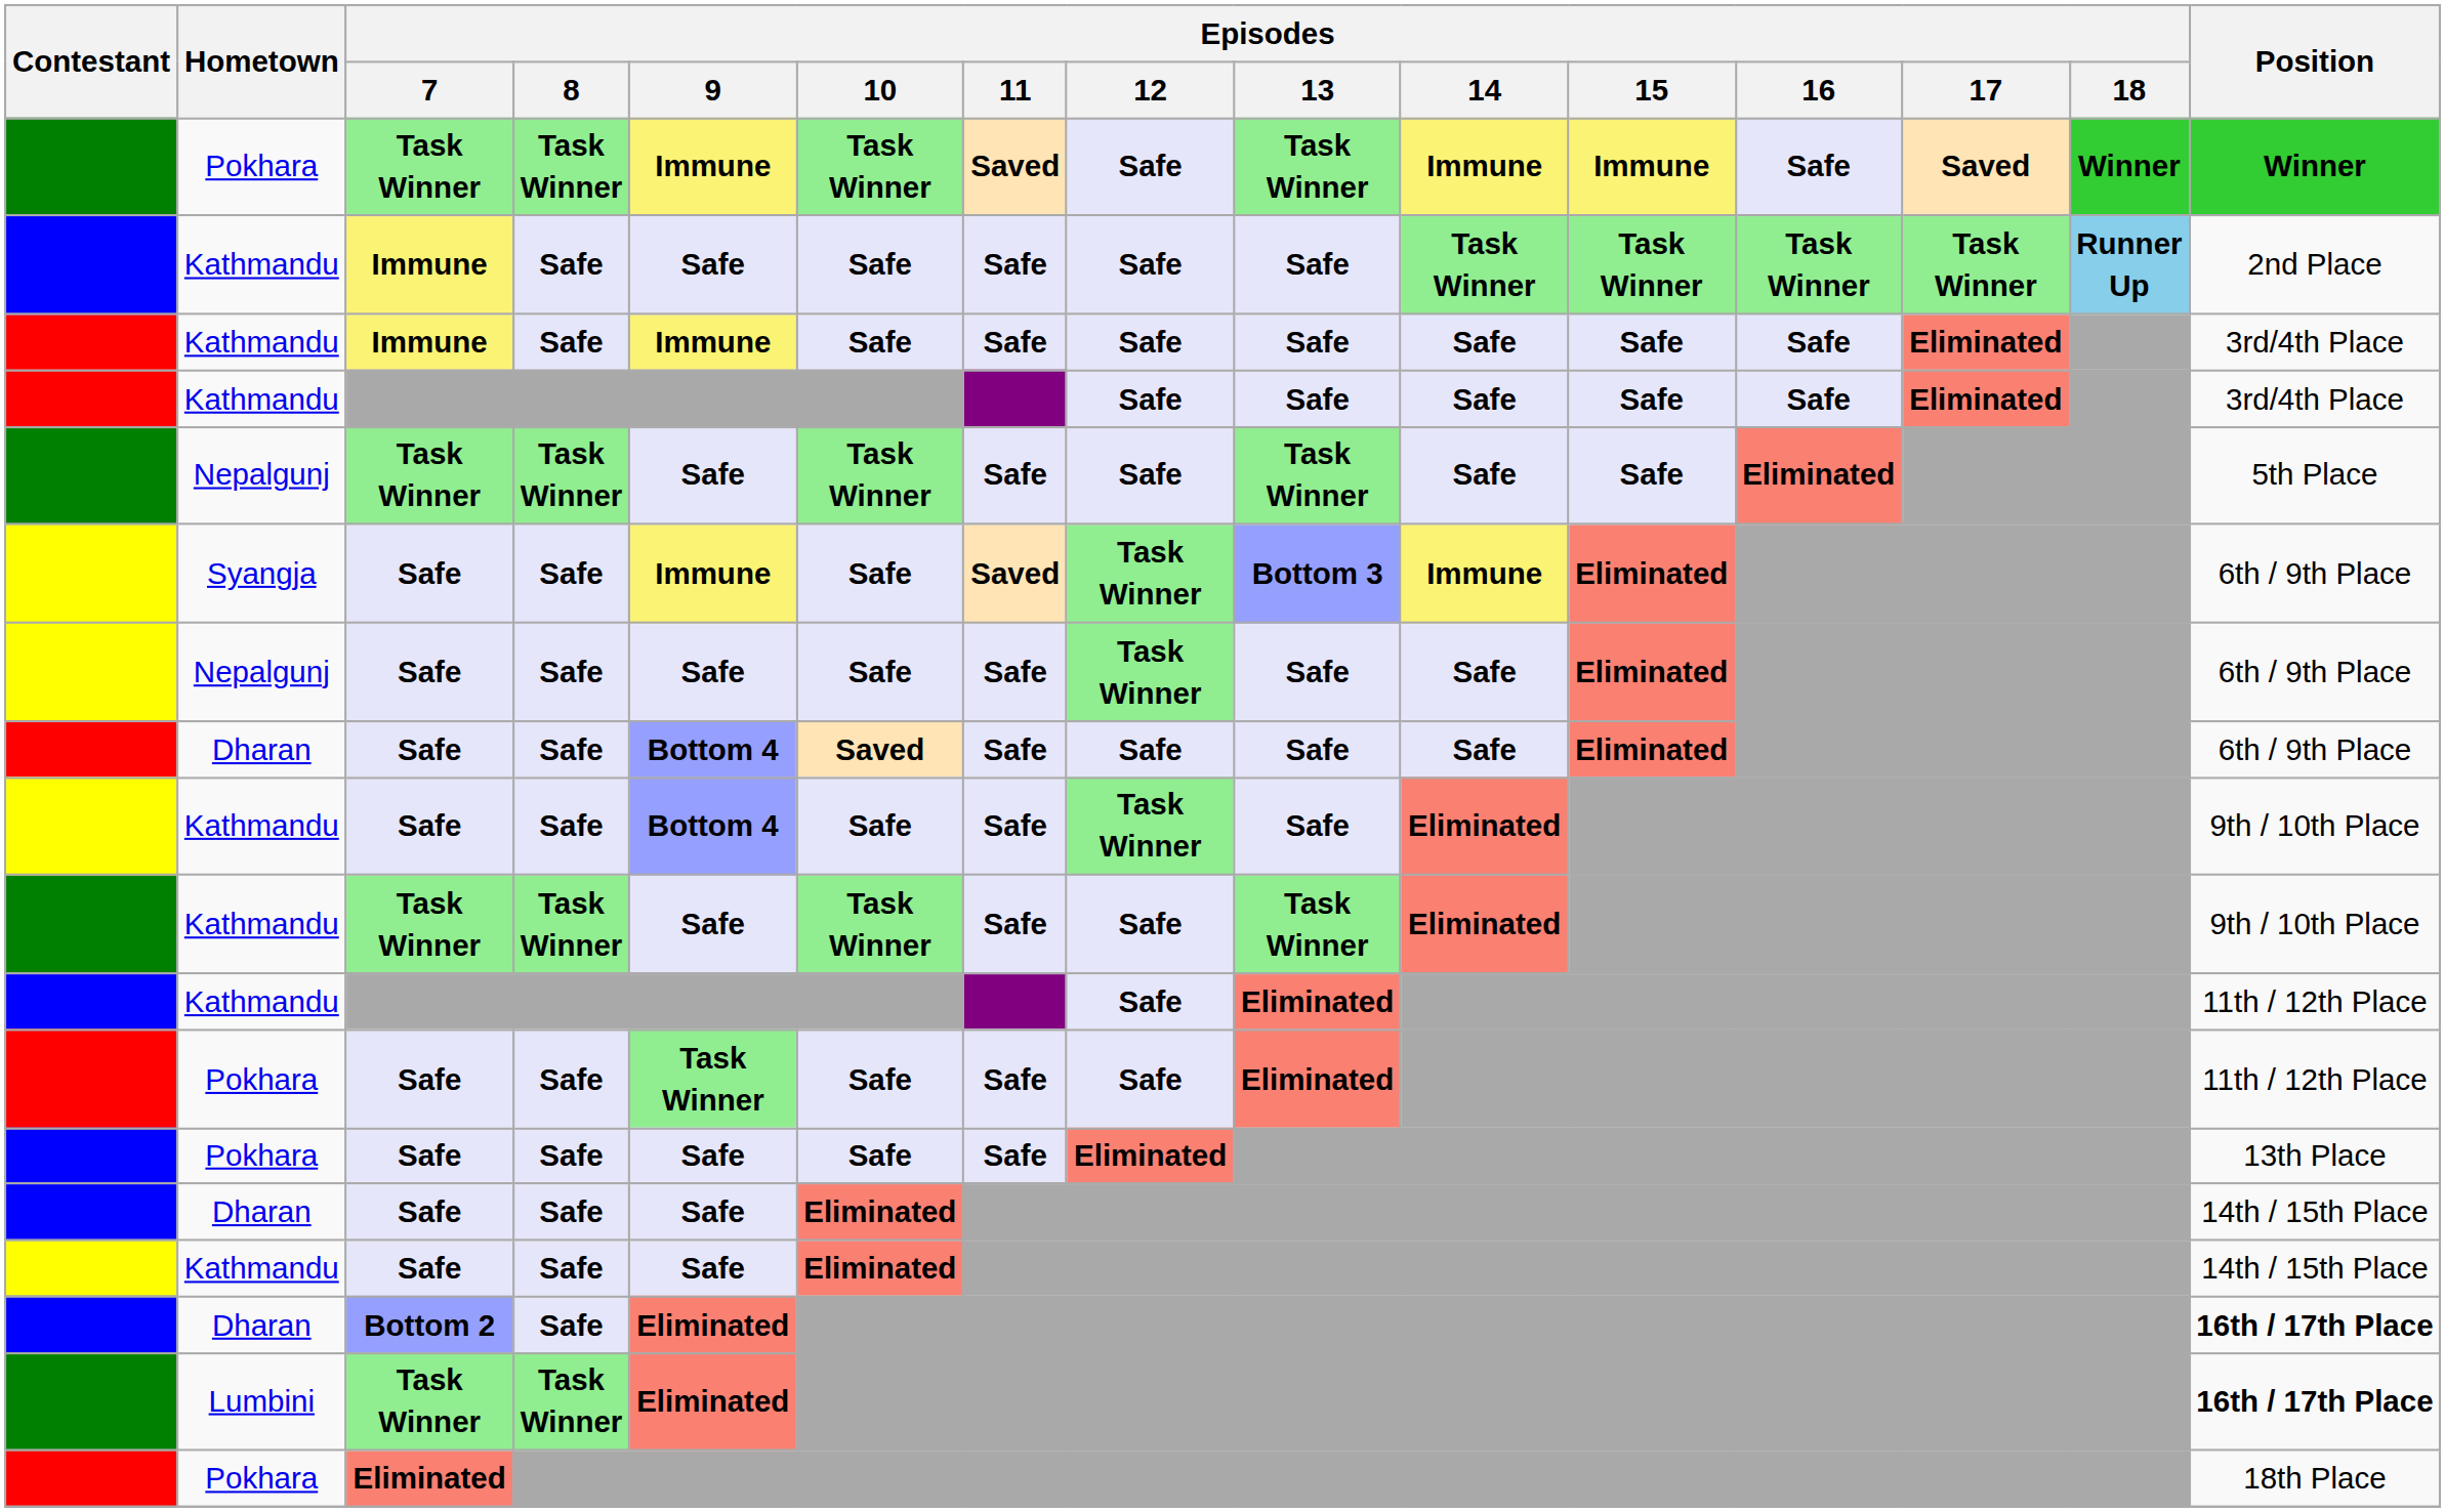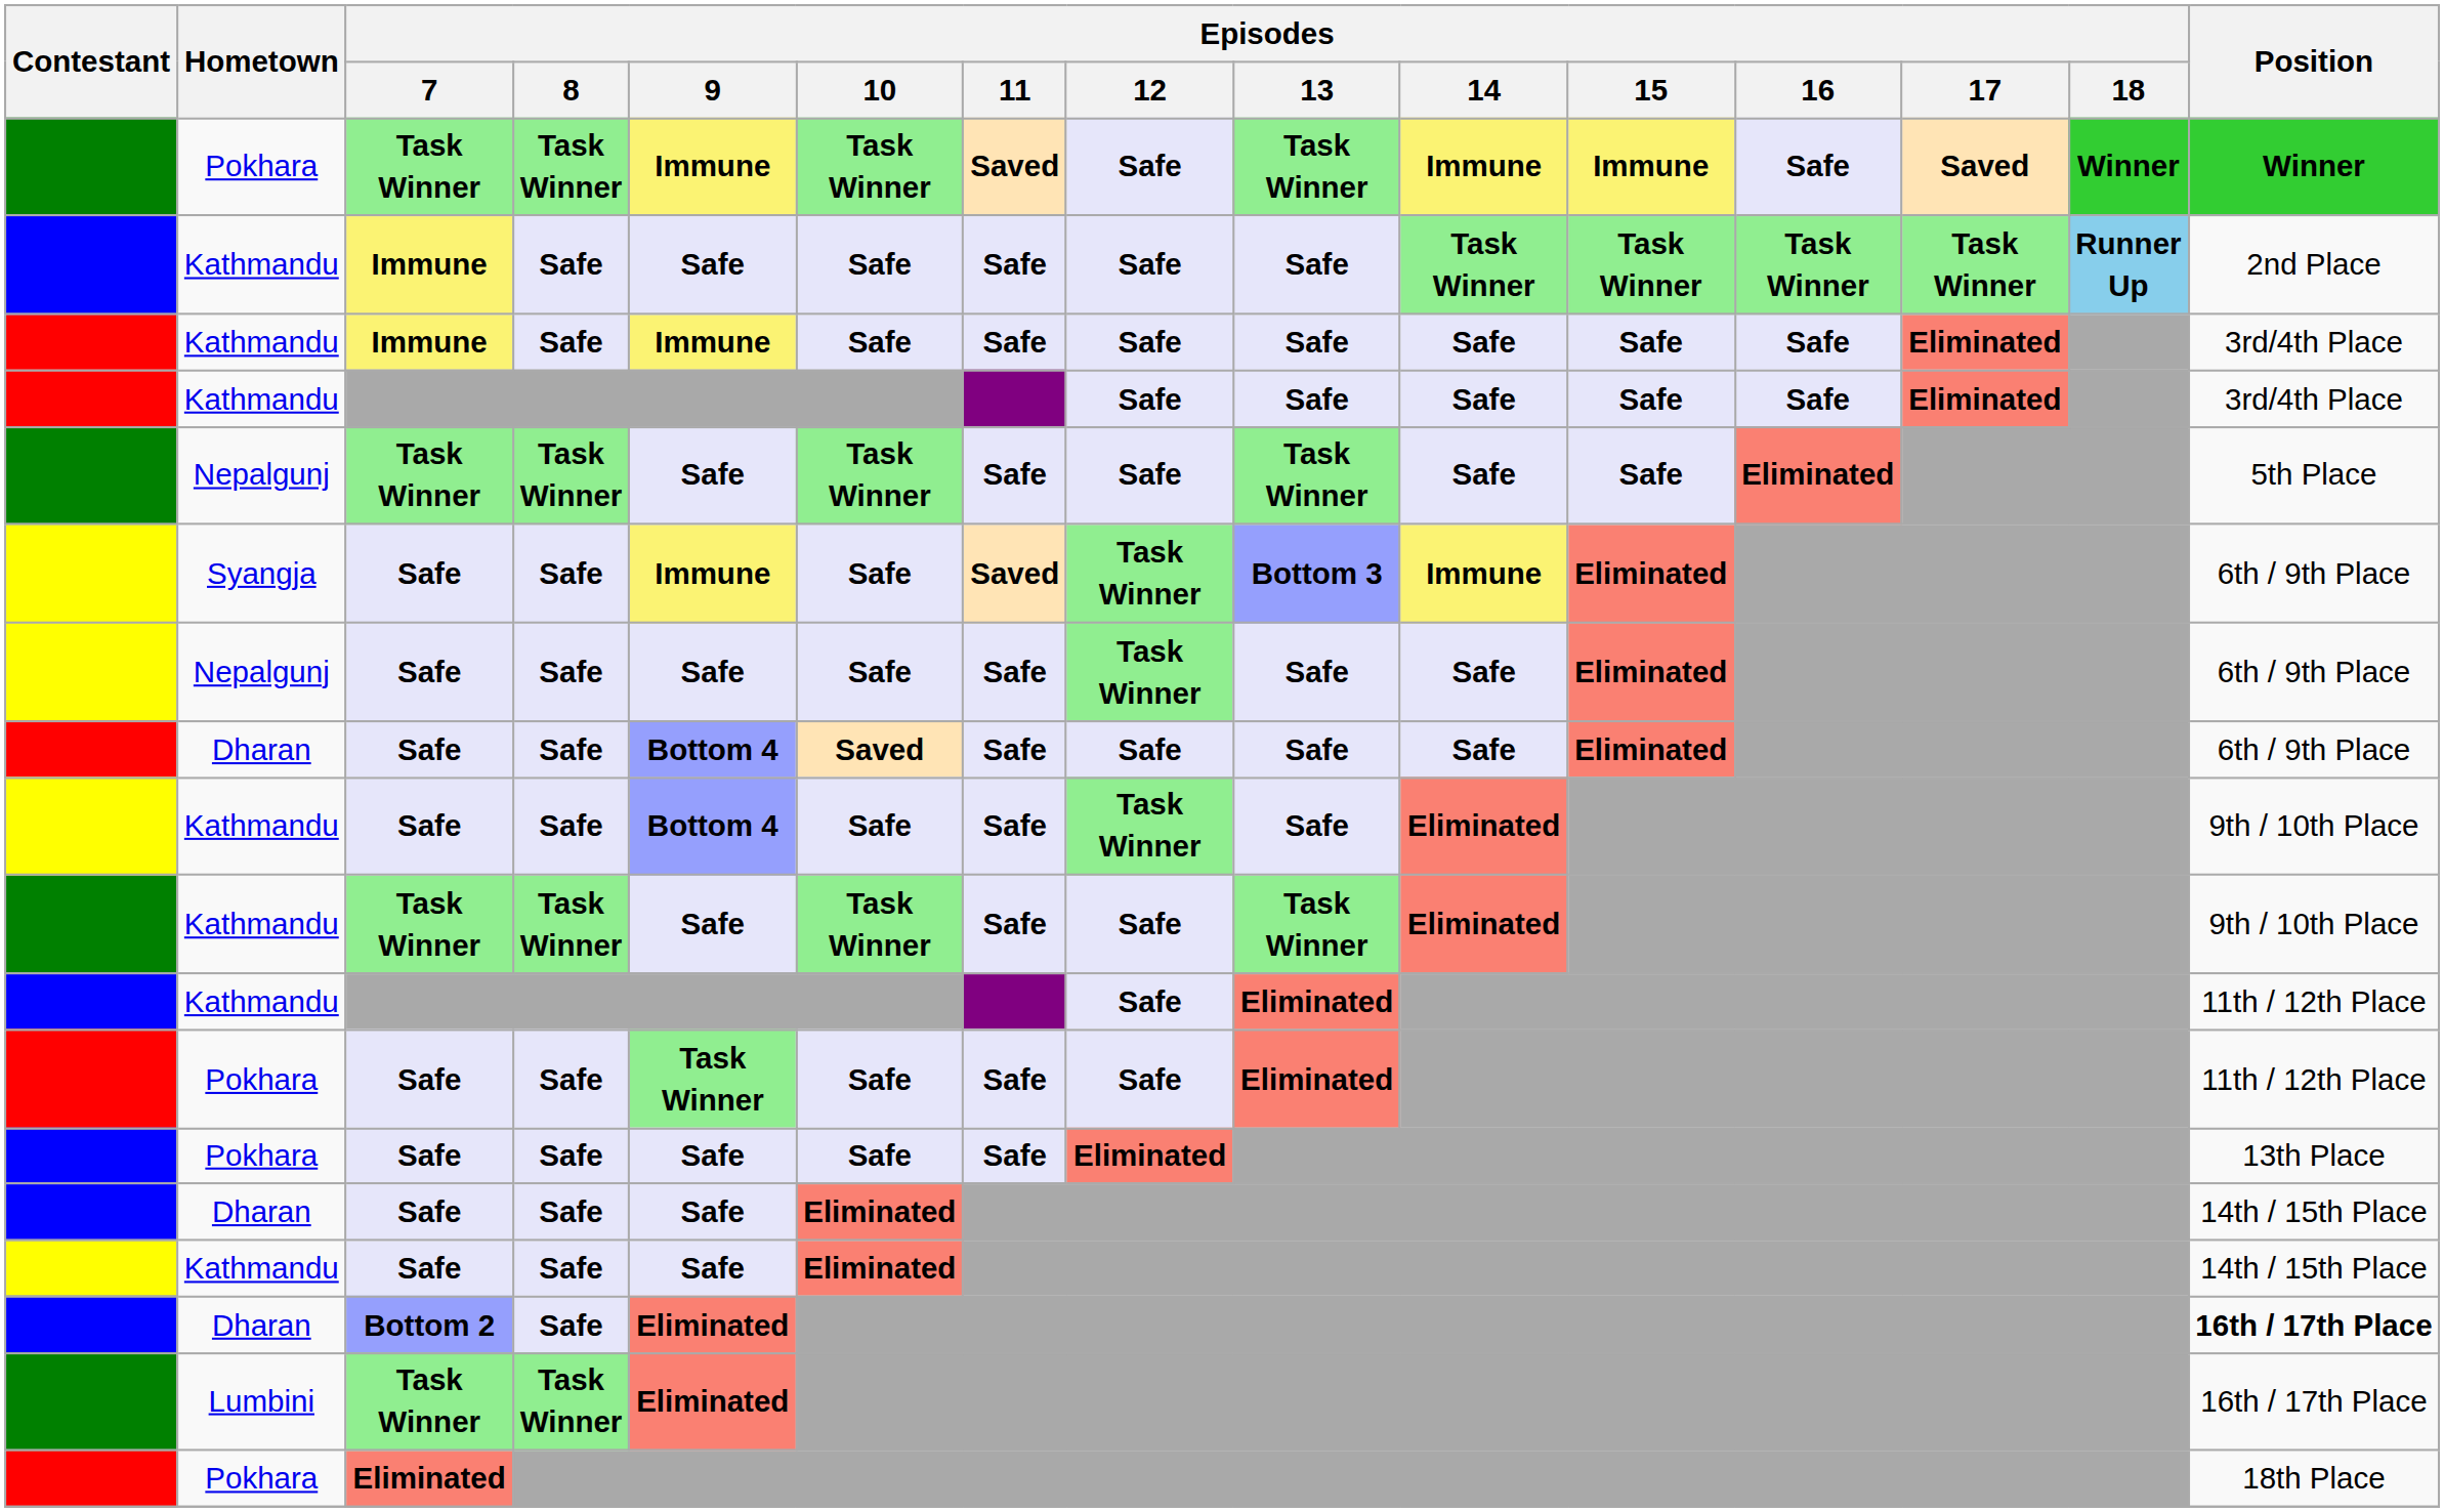 <table class="wikitable sortable" style="text-align: center; font-size:90%; line-height:20px;">
 <tr>
 <th rowspan="2">Contestant</th>
 <th rowspan="2">Hometown</th>
 <th colspan="12">Episodes</th>
 <th rowspan="2">Position</th>
 </tr>
 <tr>
 <th width="35">7</th>
 <th width="35">8</th>
 <th width="35">9</th>
 <th width="35">10</th>
 <th width="35">11</th>
 <th width="35">12</th>
 <th width="35">13</th>
 <th width="35">14</th>
 <th width="35">15</th>
 <th width="35">16</th>
 <th width="35">17</th>
 <th width="35">18</th>
 </tr>
 <tr>
 <td bgcolor="green"><strong></strong></td>
 <td><a href='#'>Pokhara</a></td>
 <td bgcolor="lightgreen"><strong>Task Winner</strong></td>
 <td bgcolor="lightgreen"><strong>Task Winner</strong></td>
 <td bgcolor="FBF373"><strong>Immune</strong></td>
 <td bgcolor="lightgreen"><strong>Task Winner</strong></td>
 <td bgcolor="moccasin"><strong>Saved</strong></td>
 <td bgcolor="lavender"><strong>Safe</strong></td>
 <td bgcolor="lightgreen"><strong>Task Winner</strong></td>
 <td bgcolor="FBF373"><strong>Immune</strong></td>
 <td bgcolor="FBF373"><strong>Immune</strong></td>
 <td bgcolor="lavender"><strong>Safe</strong></td>
 <td bgcolor="moccasin"><strong>Saved</strong></td>
 <td bgcolor="limegreen"><strong>Winner</strong></td>
 <td bgcolor="limegreen"><strong>Winner</strong></td>
 </tr>
 <tr>
 <td bgcolor="blue"><strong></strong></td>
 <td><a href='#'>Kathmandu</a></td>
 <td bgcolor="FBF373"><strong>Immune</strong></td>
 <td bgcolor="lavender"><strong>Safe</strong></td>
 <td bgcolor="lavender"><strong>Safe</strong></td>
 <td bgcolor="lavender"><strong>Safe</strong></td>
 <td bgcolor="lavender"><strong>Safe</strong></td>
 <td bgcolor="lavender"><strong>Safe</strong></td>
 <td bgcolor="lavender"><strong>Safe</strong></td>
 <td bgcolor="lightgreen"><strong>Task Winner</strong></td>
 <td bgcolor="lightgreen"><strong>Task Winner</strong></td>
 <td bgcolor="lightgreen"><strong>Task Winner</strong></td>
 <td bgcolor="lightgreen"><strong>Task Winner</strong></td>
 <td bgcolor="skyblue"><strong>Runner Up</strong></td>
 <td>2nd Place</td>
 </tr>
 <tr>
 <td bgcolor="red"><strong></strong></td>
 <td><a href='#'>Kathmandu</a></td>
 <td bgcolor="FBF373"><strong>Immune</strong></td>
 <td bgcolor="lavender"><strong>Safe</strong></td>
 <td bgcolor="FBF373"><strong>Immune</strong></td>
 <td bgcolor="lavender"><strong>Safe</strong></td>
 <td bgcolor="lavender"><strong>Safe</strong></td>
 <td bgcolor="lavender"><strong>Safe</strong></td>
 <td bgcolor="lavender"><strong>Safe</strong></td>
 <td bgcolor="lavender"><strong>Safe</strong></td>
 <td bgcolor="lavender"><strong>Safe</strong></td>
 <td bgcolor="lavender"><strong>Safe</strong></td>
 <td bgcolor="salmon"><strong>Eliminated</strong></td>
 <td colspan="1" style="background:darkgray;"></td>
 <td>3rd/4th Place</td>
 </tr>
 <tr>
 <td bgcolor="red"><strong></strong></td>
 <td><a href='#'>Kathmandu</a></td>
 <td colspan="4" style="background:darkgray;"></td>
 <td bgcolor="purple"><strong></strong></td>
 <td bgcolor="lavender"><strong>Safe</strong></td>
 <td bgcolor="lavender"><strong>Safe</strong></td>
 <td bgcolor="lavender"><strong>Safe</strong></td>
 <td bgcolor="lavender"><strong>Safe</strong></td>
 <td bgcolor="lavender"><strong>Safe</strong></td>
 <td bgcolor="salmon"><strong>Eliminated</strong></td>
 <td colspan="1" style="background:darkgray;"></td>
 <td>3rd/4th Place</td>
 </tr>
 <tr>
 <td bgcolor="green"><strong></strong></td>
 <td><a href='#'>Nepalgunj</a></td>
 <td bgcolor="lightgreen"><strong>Task Winner</strong></td>
 <td bgcolor="lightgreen"><strong>Task Winner</strong></td>
 <td bgcolor="lavender"><strong>Safe</strong></td>
 <td bgcolor="lightgreen"><strong>Task Winner</strong></td>
 <td bgcolor="lavender"><strong>Safe</strong></td>
 <td bgcolor="lavender"><strong>Safe</strong></td>
 <td bgcolor="lightgreen"><strong>Task Winner</strong></td>
 <td bgcolor="lavender"><strong>Safe</strong></td>
 <td bgcolor="lavender"><strong>Safe</strong></td>
 <td bgcolor="salmon"><strong>Eliminated</strong></td>
 <td colspan="2" style="background:darkgray;"></td>
 <td>5th Place</td>
 </tr>
 <tr>
 <td bgcolor="yellow"><strong></strong></td>
 <td><a href='#'>Syangja</a></td>
 <td bgcolor="lavender"><strong>Safe</strong></td>
 <td bgcolor="lavender"><strong>Safe</strong></td>
 <td bgcolor="FBF373"><strong>Immune</strong></td>
 <td bgcolor="lavender"><strong>Safe</strong></td>
 <td bgcolor="moccasin"><strong>Saved</strong></td>
 <td bgcolor="lightgreen"><strong>Task Winner</strong></td>
 <td bgcolor="959ffd"><strong>Bottom 3</strong></td>
 <td bgcolor="FBF373"><strong>Immune</strong></td>
 <td bgcolor="salmon"><strong>Eliminated</strong></td>
 <td colspan="3" style="background:darkgray;"></td>
 <td>6th / 9th Place</td>
 </tr>
 <tr>
 <td bgcolor="yellow"><strong></strong></td>
 <td><a href='#'>Nepalgunj</a></td>
 <td bgcolor="lavender"><strong>Safe</strong></td>
 <td bgcolor="lavender"><strong>Safe</strong></td>
 <td bgcolor="lavender"><strong>Safe</strong></td>
 <td bgcolor="lavender"><strong>Safe</strong></td>
 <td bgcolor="lavender"><strong>Safe</strong></td>
 <td bgcolor="lightgreen"><strong>Task Winner</strong></td>
 <td bgcolor="lavender"><strong>Safe</strong></td>
 <td bgcolor="lavender"><strong>Safe</strong></td>
 <td bgcolor="salmon"><strong>Eliminated</strong></td>
 <td colspan="3" style="background:darkgray;"></td>
 <td>6th / 9th Place</td>
 </tr>
 <tr>
 <td bgcolor="red"><strong></strong></td>
 <td><a href='#'>Dharan</a></td>
 <td bgcolor="lavender"><strong>Safe</strong></td>
 <td bgcolor="lavender"><strong>Safe</strong></td>
 <td bgcolor="959ffd"><strong>Bottom 4</strong></td>
 <td bgcolor="moccasin"><strong>Saved</strong></td>
 <td bgcolor="lavender"><strong>Safe</strong></td>
 <td bgcolor="lavender"><strong>Safe</strong></td>
 <td bgcolor="lavender"><strong>Safe</strong></td>
 <td bgcolor="lavender"><strong>Safe</strong></td>
 <td bgcolor="salmon"><strong>Eliminated</strong></td>
 <td colspan="3" style="background:darkgray;"></td>
 <td>6th / 9th Place</td>
 </tr>
 <tr>
 <td bgcolor="yellow"><strong></strong></td>
 <td><a href='#'>Kathmandu</a></td>
 <td bgcolor="lavender"><strong>Safe</strong></td>
 <td bgcolor="lavender"><strong>Safe</strong></td>
 <td bgcolor="959ffd"><strong>Bottom 4</strong></td>
 <td bgcolor="lavender"><strong>Safe</strong></td>
 <td bgcolor="lavender"><strong>Safe</strong></td>
 <td bgcolor="lightgreen"><strong>Task Winner</strong></td>
 <td bgcolor="lavender"><strong>Safe</strong></td>
 <td bgcolor="salmon"><strong>Eliminated</strong></td>
 <td colspan="4" style="background:darkgray;"></td>
 <td>9th / 10th Place</td>
 </tr>
 <tr>
 <td bgcolor="green"><strong></strong></td>
 <td><a href='#'>Kathmandu</a></td>
 <td bgcolor="lightgreen"><strong>Task Winner</strong></td>
 <td bgcolor="lightgreen"><strong>Task Winner</strong></td>
 <td bgcolor="lavender"><strong>Safe</strong></td>
 <td bgcolor="lightgreen"><strong>Task Winner</strong></td>
 <td bgcolor="lavender"><strong>Safe</strong></td>
 <td bgcolor="lavender"><strong>Safe</strong></td>
 <td bgcolor="lightgreen"><strong>Task Winner</strong></td>
 <td bgcolor="salmon"><strong>Eliminated</strong></td>
 <td colspan="4" style="background:darkgray;"></td>
 <td>9th / 10th Place</td>
 </tr>
 <tr>
 <td bgcolor="blue"><strong></strong></td>
 <td><a href='#'>Kathmandu</a></td>
 <td colspan="4" style="background:darkgray;"></td>
 <td bgcolor="purple"><strong></strong></td>
 <td bgcolor="lavender"><strong>Safe</strong></td>
 <td bgcolor="salmon"><strong>Eliminated</strong></td>
 <td colspan="5" style="background:darkgray;"></td>
 <td>11th / 12th Place</td>
 </tr>
 <tr>
 <td bgcolor="red"><strong></strong></td>
 <td><a href='#'>Pokhara</a></td>
 <td bgcolor="lavender"><strong>Safe</strong></td>
 <td bgcolor="lavender"><strong>Safe</strong></td>
 <td bgcolor="lightgreen"><strong>Task Winner</strong></td>
 <td bgcolor="lavender"><strong>Safe</strong></td>
 <td bgcolor="lavender"><strong>Safe</strong></td>
 <td bgcolor="lavender"><strong>Safe</strong></td>
 <td bgcolor="salmon"><strong>Eliminated</strong></td>
 <td colspan="5" style="background:darkgray;"></td>
 <td>11th / 12th Place</td>
 </tr>
 <tr>
 <td bgcolor="blue"><strong></strong></td>
 <td><a href='#'>Pokhara</a></td>
 <td bgcolor="lavender"><strong>Safe</strong></td>
 <td bgcolor="lavender"><strong>Safe</strong></td>
 <td bgcolor="lavender"><strong>Safe</strong></td>
 <td bgcolor="lavender"><strong>Safe</strong></td>
 <td bgcolor="lavender"><strong>Safe</strong></td>
 <td bgcolor="salmon"><strong>Eliminated</strong></td>
 <td colspan="6" style="background:darkgray;"></td>
 <td>13th Place</td>
 </tr>
 <tr>
 <td bgcolor="blue"><strong></strong></td>
 <td><a href='#'>Dharan</a></td>
 <td bgcolor="lavender"><strong>Safe</strong></td>
 <td bgcolor="lavender"><strong>Safe</strong></td>
 <td bgcolor="lavender"><strong>Safe</strong></td>
 <td bgcolor="salmon"><strong>Eliminated</strong></td>
 <td colspan="8" style="background:darkgray;"></td>
 <td>14th / 15th Place</td>
 </tr>
 <tr>
 <td bgcolor="yellow"><strong></strong></td>
 <td><a href='#'>Kathmandu</a></td>
 <td bgcolor="lavender"><strong>Safe</strong></td>
 <td bgcolor="lavender"><strong>Safe</strong></td>
 <td bgcolor="lavender"><strong>Safe</strong></td>
 <td bgcolor="salmon"><strong>Eliminated</strong></td>
 <td colspan="8" style="background:darkgray;"></td>
 <td>14th / 15th Place</td>
 </tr>
 <tr>
 <td bgcolor="blue"><strong></strong></td>
 <td><a href='#'>Dharan</a></td>
 <td bgcolor="959ffd"><strong>Bottom 2</strong></td>
 <td bgcolor="lavender"><strong>Safe</strong></td>
 <td bgcolor="salmon"><strong>Eliminated</strong></td>
 <td colspan="9" style="background:darkgray;"></td>
 <td><strong>16th / 17th Place</strong></td>
 </tr>
 <tr>
 <td bgcolor="green"><strong></strong></td>
 <td><a href='#'>Lumbini</a></td>
 <td bgcolor="lightgreen"><strong>Task Winner</strong></td>
 <td bgcolor="lightgreen"><strong>Task Winner</strong></td>
 <td bgcolor="salmon"><strong>Eliminated</strong></td>
 <td colspan="9" style="background:darkgray;"></td>
-<td><strong>16th / 17th Place</strong></td>
+<td>16th / 17th Place</td>
 </tr>
 <tr>
 <td bgcolor="red"><strong></strong></td>
 <td><a href='#'>Pokhara</a></td>
 <td bgcolor="salmon"><strong>Eliminated</strong></td>
 <td colspan="11" style="background:darkgray;"></td>
 <td>18th Place</td>
 </tr>
 <tr>
 </tr>
 </table>
